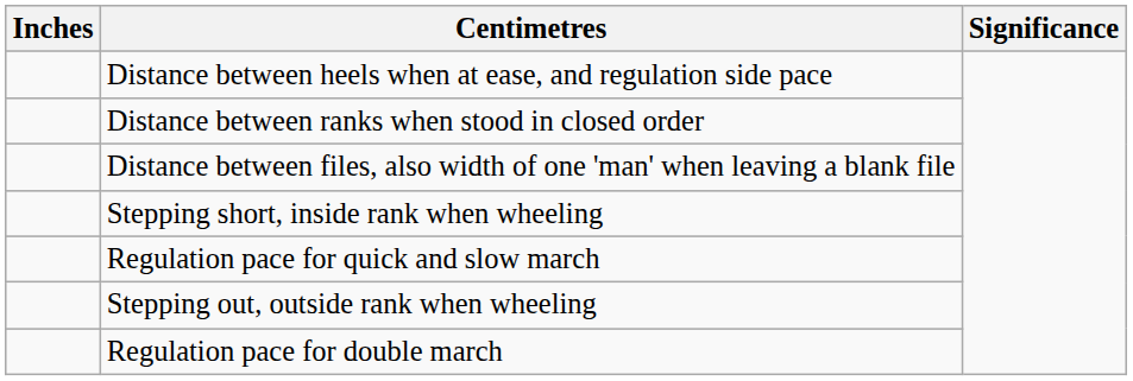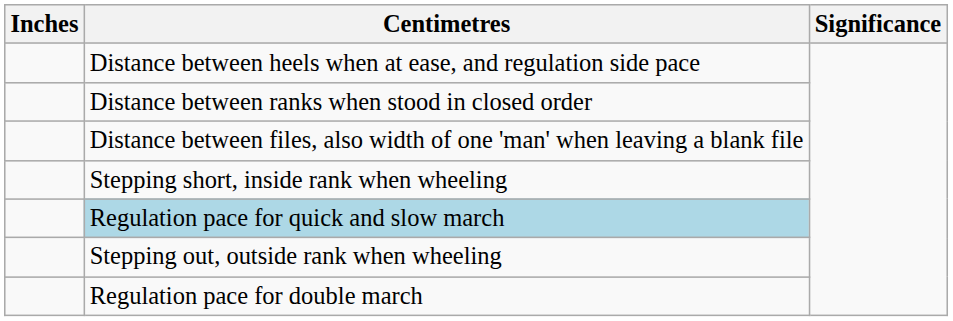 <table class="wikitable">
 <tr>
 <th>Inches</th>
 <th>Centimetres</th>
 <th>Significance</th>
 </tr>
 <tr>
 <td></td>
 <td>Distance between heels when at ease, and regulation side pace</td>
 </tr>
 <tr>
 <td></td>
 <td>Distance between ranks when stood in closed order</td>
 </tr>
 <tr>
 <td></td>
 <td>Distance between files, also width of one 'man' when leaving a blank file</td>
 </tr>
 <tr>
 <td></td>
 <td>Stepping short, inside rank when wheeling</td>
 </tr>
 <tr>
 <td></td>
-<td>Regulation pace for quick and slow march</td>
+<td style="background: lightblue;">Regulation pace for quick and slow march</td>
 </tr>
 <tr>
 <td></td>
 <td>Stepping out, outside rank when wheeling</td>
 </tr>
 <tr>
 <td></td>
 <td>Regulation pace for double march</td>
 </tr>
 </table>
